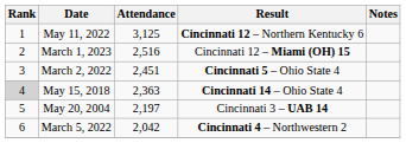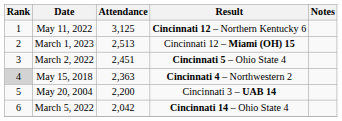 <table class=wikitable style="text-align:center">
 <tr>
 <th>Rank</th>
 <th>Date</th>
 <th>Attendance</th>
 <th>Result</th>
 <th>Notes</th>
 </tr>
 <tr>
 <td>1</td>
 <td align=center>May 11, 2022</td>
 <td>3,125</td>
 <td><strong>Cincinnati 12</strong> – Northern Kentucky 6</td>
 <td></td>
 </tr>
 <tr>
 <td>2</td>
 <td align=center>March 1, 2023</td>
-<td>2,516</td>
+<td>2,513</td>
 <td>Cincinnati 12 – <strong>Miami (OH) 15</strong></td>
 <td></td>
 </tr>
 <tr>
 <td>3</td>
 <td align=center>March 2, 2022</td>
 <td>2,451</td>
 <td><strong>Cincinnati 5</strong> – Ohio State 4</td>
 <td></td>
 </tr>
 <tr>
 <td style="background: lightgrey;">4</td>
 <td align=center>May 15, 2018</td>
 <td>2,363</td>
-<td><strong>Cincinnati 14</strong> – Ohio State 4</td>
+<td><strong>Cincinnati 4</strong> – Northwestern 2</td>
 <td></td>
 </tr>
 <tr>
 <td>5</td>
 <td align=center>May 20, 2004</td>
-<td>2,197</td>
+<td>2,200</td>
 <td>Cincinnati 3 – <strong>UAB 14</strong></td>
 <td></td>
 </tr>
 <tr>
 <td>6</td>
 <td align=center>March 5, 2022</td>
 <td>2,042</td>
-<td><strong>Cincinnati 4</strong> – Northwestern 2</td>
+<td><strong>Cincinnati 14</strong> – Ohio State 4</td>
 <td></td>
 </tr>
 <tr>
 </tr>
 </table>
